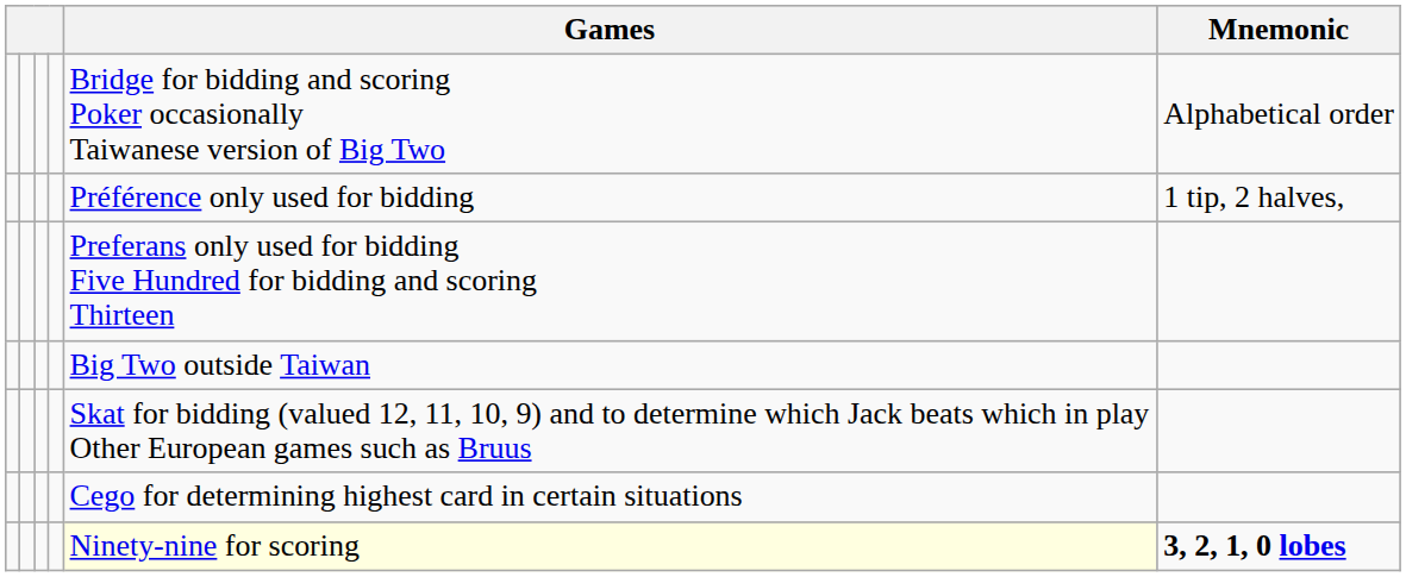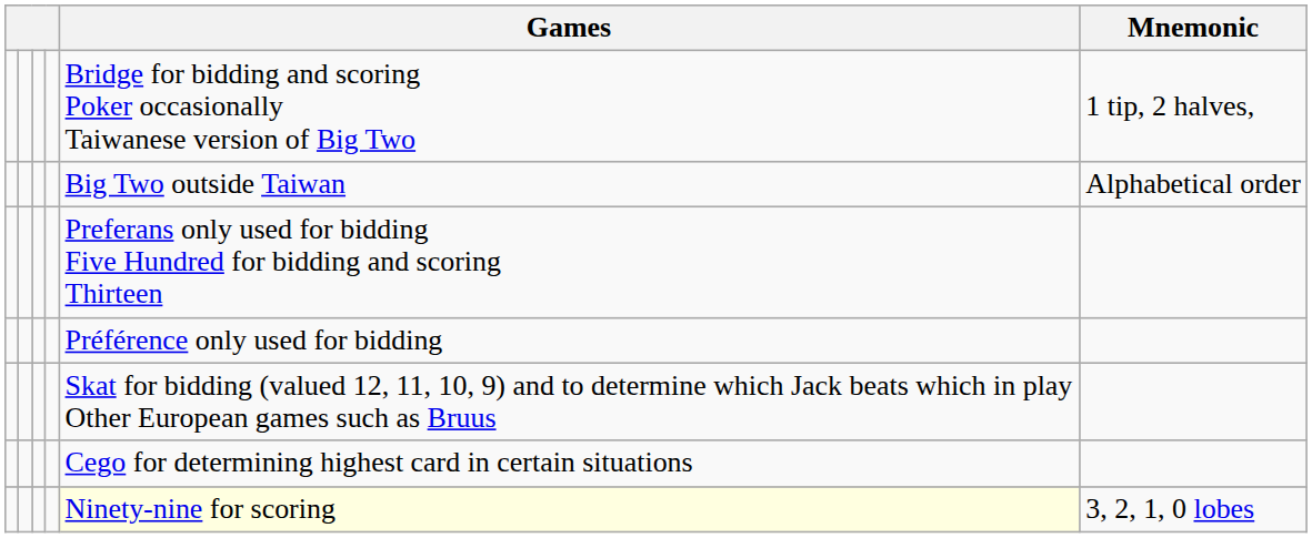 <table class="wikitable" style="text-align:center;">
 <tr>
 <th colspan="4"></th>
 <th>Games</th>
 <th>Mnemonic</th>
 </tr>
 <tr>
 <td></td>
 <td></td>
 <td></td>
 <td></td>
 <td align="left"><a href='#'>Bridge</a> for bidding and scoring<br><a href='#'>Poker</a> occasionally<br>Taiwanese version of <a href='#'>Big Two</a></td>
-<td align="left">Alphabetical order </td>
+<td align="left">1 tip, 2 halves, </td>
 </tr>
 <tr>
 <td></td>
 <td></td>
 <td></td>
 <td></td>
-<td align="left"><a href='#'>Préférence</a> only used for bidding</td>
-<td align="left">1 tip, 2 halves, </td>
+<td align="left"><a href='#'>Big Two</a> outside <a href='#'>Taiwan</a></td>
+<td align="left">Alphabetical order </td>
 </tr>
 <tr>
 <td></td>
 <td></td>
 <td></td>
 <td></td>
 <td align="left"><a href='#'>Preferans</a> only used for bidding<br><a href='#'>Five Hundred</a> for bidding and scoring<br><a href='#'>Thirteen</a></td>
 <td></td>
 </tr>
 <tr>
 <td><br></td>
 <td><br></td>
 <td><br></td>
 <td><br></td>
-<td align="left"><a href='#'>Big Two</a> outside <a href='#'>Taiwan</a></td>
+<td align="left"><a href='#'>Préférence</a> only used for bidding</td>
 <td></td>
 </tr>
 <tr>
 <td><br></td>
 <td><br></td>
 <td><br></td>
 <td><br></td>
 <td align="left"><a href='#'>Skat</a> for bidding (valued 12, 11, 10, 9) and to determine which Jack beats which in play<br>Other European games such as <a href='#'>Bruus</a></td>
 <td></td>
 </tr>
 <tr>
 <td></td>
 <td></td>
 <td></td>
 <td></td>
 <td align="left"><a href='#'>Cego</a> for determining highest card in certain situations</td>
 </tr>
 <tr>
 <td></td>
 <td></td>
 <td></td>
 <td></td>
 <td align="left" style="background: lightyellow;"><a href='#'>Ninety-nine</a> for scoring</td>
-<td align="left"><strong>3, 2, 1, 0 <a href='#'>lobes</a></strong></td>
+<td align="left">3, 2, 1, 0 <a href='#'>lobes</a></td>
 </tr>
 </table>
